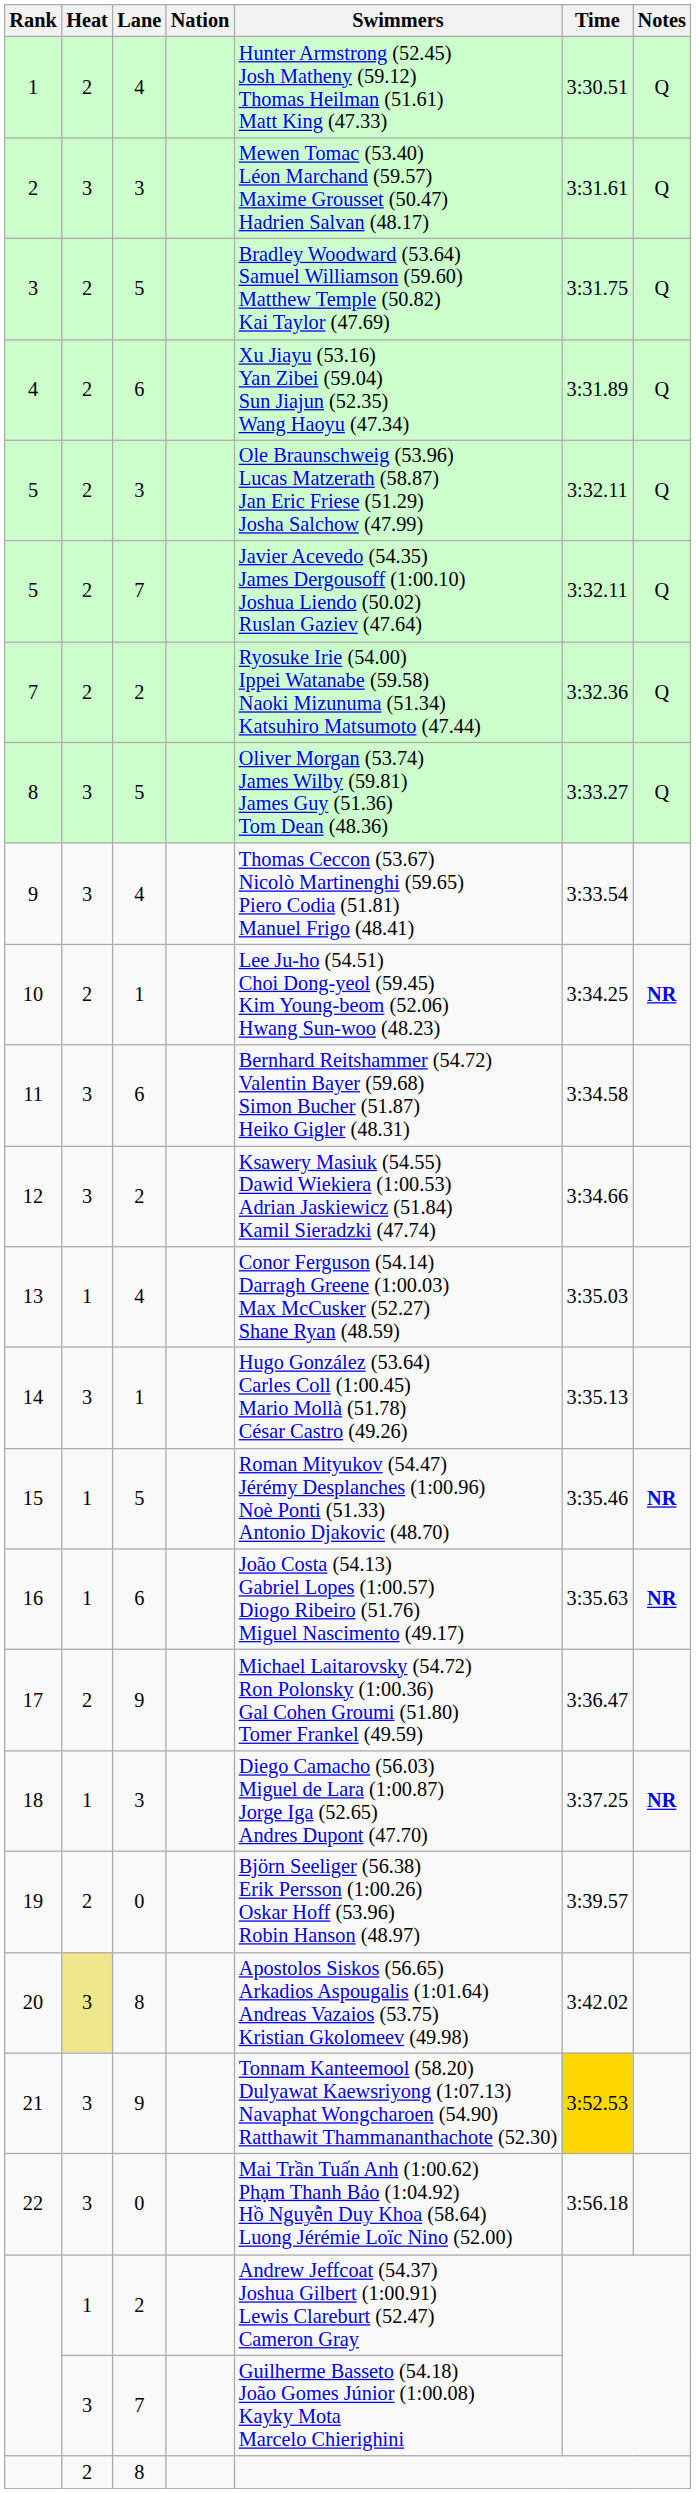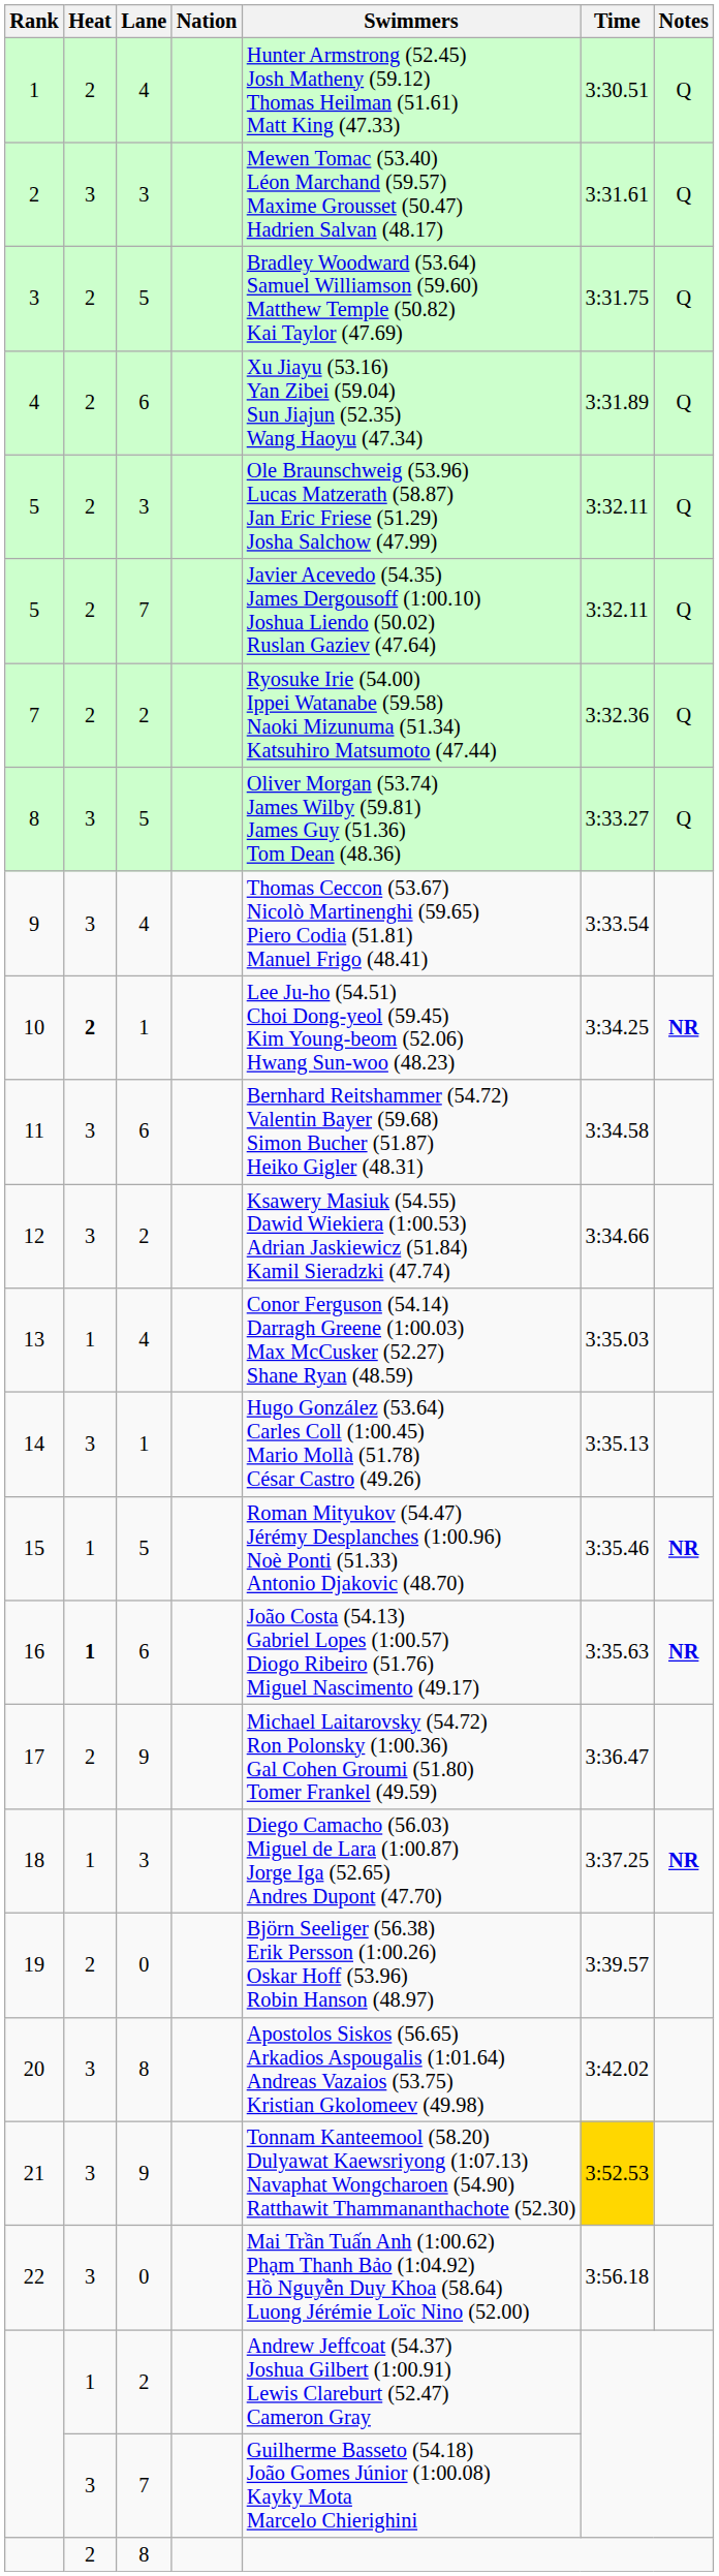 <table class="wikitable sortable" style="text-align:center">
 <tr>
 <th>Rank</th>
 <th>Heat</th>
 <th>Lane</th>
 <th>Nation</th>
 <th>Swimmers</th>
 <th>Time</th>
 <th>Notes</th>
 </tr>
 <tr bgcolor=ccffcc>
 <td>1</td>
 <td>2</td>
 <td>4</td>
 <td align=left></td>
 <td align=left><a href='#'>Hunter Armstrong</a> (52.45)<br><a href='#'>Josh Matheny</a> (59.12)<br><a href='#'>Thomas Heilman</a> (51.61)<br><a href='#'>Matt King</a> (47.33)</td>
 <td>3:30.51</td>
 <td>Q</td>
 </tr>
 <tr bgcolor=ccffcc>
 <td>2</td>
 <td>3</td>
 <td>3</td>
 <td align=left></td>
 <td align=left><a href='#'>Mewen Tomac</a> (53.40)<br><a href='#'>Léon Marchand</a> (59.57)<br><a href='#'>Maxime Grousset</a> (50.47)<br><a href='#'>Hadrien Salvan</a> (48.17)</td>
 <td>3:31.61</td>
 <td>Q</td>
 </tr>
 <tr bgcolor=ccffcc>
 <td>3</td>
 <td>2</td>
 <td>5</td>
 <td align=left></td>
 <td align=left><a href='#'>Bradley Woodward</a> (53.64)<br><a href='#'>Samuel Williamson</a> (59.60)<br><a href='#'>Matthew Temple</a> (50.82)<br><a href='#'>Kai Taylor</a> (47.69)</td>
 <td>3:31.75</td>
 <td>Q</td>
 </tr>
 <tr bgcolor=ccffcc>
 <td>4</td>
 <td>2</td>
 <td>6</td>
 <td align=left></td>
 <td align=left><a href='#'>Xu Jiayu</a> (53.16)<br><a href='#'>Yan Zibei</a> (59.04)<br><a href='#'>Sun Jiajun</a> (52.35)<br><a href='#'>Wang Haoyu</a> (47.34)</td>
 <td>3:31.89</td>
 <td>Q</td>
 </tr>
 <tr bgcolor=ccffcc>
 <td>5</td>
 <td>2</td>
 <td>3</td>
 <td align=left></td>
 <td align=left><a href='#'>Ole Braunschweig</a> (53.96)<br><a href='#'>Lucas Matzerath</a> (58.87)<br><a href='#'>Jan Eric Friese</a> (51.29)<br><a href='#'>Josha Salchow</a> (47.99)</td>
 <td>3:32.11</td>
 <td>Q</td>
 </tr>
 <tr bgcolor=ccffcc>
 <td>5</td>
 <td>2</td>
 <td>7</td>
 <td align=left></td>
 <td align=left><a href='#'>Javier Acevedo</a> (54.35)<br><a href='#'>James Dergousoff</a> (1:00.10)<br><a href='#'>Joshua Liendo</a> (50.02)<br><a href='#'>Ruslan Gaziev</a> (47.64)</td>
 <td>3:32.11</td>
 <td>Q</td>
 </tr>
 <tr bgcolor=ccffcc>
 <td>7</td>
 <td>2</td>
 <td>2</td>
 <td align=left></td>
 <td align=left><a href='#'>Ryosuke Irie</a> (54.00)<br><a href='#'>Ippei Watanabe</a> (59.58)<br><a href='#'>Naoki Mizunuma</a> (51.34)<br><a href='#'>Katsuhiro Matsumoto</a> (47.44)</td>
 <td>3:32.36</td>
 <td>Q</td>
 </tr>
 <tr bgcolor=ccffcc>
 <td>8</td>
 <td>3</td>
 <td>5</td>
 <td align=left></td>
 <td align=left><a href='#'>Oliver Morgan</a> (53.74)<br><a href='#'>James Wilby</a> (59.81)<br><a href='#'>James Guy</a> (51.36)<br><a href='#'>Tom Dean</a> (48.36)</td>
 <td>3:33.27</td>
 <td>Q</td>
 </tr>
 <tr>
 <td>9</td>
 <td>3</td>
 <td>4</td>
 <td align=left></td>
 <td align=left><a href='#'>Thomas Ceccon</a> (53.67)<br><a href='#'>Nicolò Martinenghi</a> (59.65)<br><a href='#'>Piero Codia</a> (51.81)<br><a href='#'>Manuel Frigo</a> (48.41)</td>
 <td>3:33.54</td>
 <td></td>
 </tr>
 <tr>
 <td>10</td>
-<td>2</td>
+<td><strong>2</strong></td>
 <td>1</td>
 <td align=left></td>
 <td align=left><a href='#'>Lee Ju-ho</a> (54.51)<br><a href='#'>Choi Dong-yeol</a> (59.45)<br><a href='#'>Kim Young-beom</a> (52.06)<br><a href='#'>Hwang Sun-woo</a> (48.23)</td>
 <td>3:34.25</td>
 <td><strong><a href='#'>NR</a></strong></td>
 </tr>
 <tr>
 <td>11</td>
 <td>3</td>
 <td>6</td>
 <td align=left></td>
 <td align=left><a href='#'>Bernhard Reitshammer</a> (54.72)<br><a href='#'>Valentin Bayer</a> (59.68)<br><a href='#'>Simon Bucher</a> (51.87)<br><a href='#'>Heiko Gigler</a> (48.31)</td>
 <td>3:34.58</td>
 <td></td>
 </tr>
 <tr>
 <td>12</td>
 <td>3</td>
 <td>2</td>
 <td align=left></td>
 <td align=left><a href='#'>Ksawery Masiuk</a> (54.55)<br><a href='#'>Dawid Wiekiera</a> (1:00.53)<br><a href='#'>Adrian Jaskiewicz</a> (51.84)<br><a href='#'>Kamil Sieradzki</a> (47.74)</td>
 <td>3:34.66</td>
 <td></td>
 </tr>
 <tr>
 <td>13</td>
 <td>1</td>
 <td>4</td>
 <td align=left></td>
 <td align=left><a href='#'>Conor Ferguson</a> (54.14)<br><a href='#'>Darragh Greene</a> (1:00.03)<br><a href='#'>Max McCusker</a> (52.27)<br><a href='#'>Shane Ryan</a> (48.59)</td>
 <td>3:35.03</td>
 <td></td>
 </tr>
 <tr>
 <td>14</td>
 <td>3</td>
 <td>1</td>
 <td align=left></td>
 <td align=left><a href='#'>Hugo González</a> (53.64)<br><a href='#'>Carles Coll</a> (1:00.45)<br><a href='#'>Mario Mollà</a> (51.78)<br><a href='#'>César Castro</a> (49.26)</td>
 <td>3:35.13</td>
 <td></td>
 </tr>
 <tr>
 <td>15</td>
 <td>1</td>
 <td>5</td>
 <td align=left></td>
 <td align=left><a href='#'>Roman Mityukov</a> (54.47)<br><a href='#'>Jérémy Desplanches</a> (1:00.96)<br><a href='#'>Noè Ponti</a> (51.33)<br><a href='#'>Antonio Djakovic</a> (48.70)</td>
 <td>3:35.46</td>
 <td><strong><a href='#'>NR</a></strong></td>
 </tr>
 <tr>
 <td>16</td>
-<td>1</td>
+<td><strong>1</strong></td>
 <td>6</td>
 <td align=left></td>
 <td align=left><a href='#'>João Costa</a> (54.13)<br><a href='#'>Gabriel Lopes</a> (1:00.57)<br><a href='#'>Diogo Ribeiro</a> (51.76)<br><a href='#'>Miguel Nascimento</a> (49.17)</td>
 <td>3:35.63</td>
 <td><strong><a href='#'>NR</a></strong></td>
 </tr>
 <tr>
 <td>17</td>
 <td>2</td>
 <td>9</td>
 <td align=left></td>
 <td align=left><a href='#'>Michael Laitarovsky</a> (54.72)<br><a href='#'>Ron Polonsky</a> (1:00.36)<br><a href='#'>Gal Cohen Groumi</a> (51.80)<br><a href='#'>Tomer Frankel</a> (49.59)</td>
 <td>3:36.47</td>
 <td></td>
 </tr>
 <tr>
 <td>18</td>
 <td>1</td>
 <td>3</td>
 <td align=left></td>
 <td align=left><a href='#'>Diego Camacho</a> (56.03)<br><a href='#'>Miguel de Lara</a> (1:00.87)<br><a href='#'>Jorge Iga</a> (52.65)<br><a href='#'>Andres Dupont</a> (47.70)</td>
 <td>3:37.25</td>
 <td><strong><a href='#'>NR</a></strong></td>
 </tr>
 <tr>
 <td>19</td>
 <td>2</td>
 <td>0</td>
 <td align=left></td>
 <td align=left><a href='#'>Björn Seeliger</a> (56.38)<br><a href='#'>Erik Persson</a> (1:00.26)<br><a href='#'>Oskar Hoff</a> (53.96)<br><a href='#'>Robin Hanson</a> (48.97)</td>
 <td>3:39.57</td>
 <td></td>
 </tr>
 <tr>
 <td>20</td>
-<td style="background: khaki;">3</td>
+<td>3</td>
 <td>8</td>
 <td align=left></td>
 <td align=left><a href='#'>Apostolos Siskos</a> (56.65)<br><a href='#'>Arkadios Aspougalis</a> (1:01.64)<br><a href='#'>Andreas Vazaios</a> (53.75)<br><a href='#'>Kristian Gkolomeev</a> (49.98)</td>
 <td>3:42.02</td>
 <td></td>
 </tr>
 <tr>
 <td>21</td>
 <td>3</td>
 <td>9</td>
 <td align=left></td>
 <td align=left><a href='#'>Tonnam Kanteemool</a> (58.20)<br> <a href='#'>Dulyawat Kaewsriyong</a> (1:07.13) <br> <a href='#'>Navaphat Wongcharoen</a> (54.90)  <br><a href='#'>Ratthawit Thammananthachote</a> (52.30)</td>
 <td style="background: gold;">3:52.53</td>
 <td></td>
 </tr>
 <tr>
 <td>22</td>
 <td>3</td>
 <td>0</td>
 <td align=left></td>
 <td align=left><a href='#'>Mai Trần Tuấn Anh</a> (1:00.62)<br> <a href='#'>Phạm Thanh Bảo</a> (1:04.92) <br> <a href='#'>Hồ Nguyễn Duy Khoa</a> (58.64)  <br><a href='#'>Luong Jérémie Loïc Nino</a> (52.00)</td>
 <td>3:56.18</td>
 <td></td>
 </tr>
 <tr>
 <td rowspan=2></td>
 <td>1</td>
 <td>2</td>
 <td align=left></td>
 <td align=left><a href='#'>Andrew Jeffcoat</a> (54.37)<br><a href='#'>Joshua Gilbert</a> (1:00.91)<br><a href='#'>Lewis Clareburt</a> (52.47)<br><a href='#'>Cameron Gray</a></td>
 <td colspan=2 rowspan=2></td>
 </tr>
 <tr>
 <td>3</td>
 <td>7</td>
 <td align=left></td>
 <td align=left><a href='#'>Guilherme Basseto</a> (54.18)<br><a href='#'>João Gomes Júnior</a> (1:00.08)<br><a href='#'>Kayky Mota</a> <br><a href='#'>Marcelo Chierighini</a></td>
 </tr>
 <tr>
 <td></td>
 <td>2</td>
 <td>8</td>
 <td align=left></td>
 <td colspan=3></td>
 </tr>
 </table>
